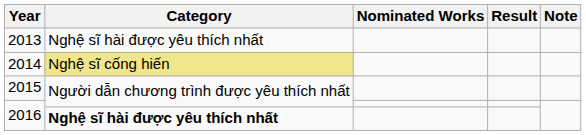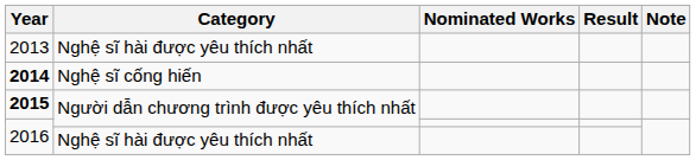 <table class="wikitable plainrowheaders">
 <tr>
 <th>Year</th>
 <th>Category</th>
 <th>Nominated Works</th>
 <th>Result</th>
 <th>Note</th>
 </tr>
 <tr>
 <td>2013</td>
 <td>Nghệ sĩ hài được yêu thích nhất</td>
 <td></td>
 <td></td>
 <td></td>
 </tr>
 <tr>
-<td>2014</td>
-<td style="background: khaki;">Nghệ sĩ cống hiến</td>
+<td><strong>2014</strong></td>
+<td>Nghệ sĩ cống hiến</td>
 <td></td>
 <td></td>
 <td></td>
 </tr>
 <tr>
-<td>2015</td>
+<td><strong>2015</strong></td>
 <td rowspan="2">Người dẫn chương trình được yêu thích nhất</td>
 <td></td>
 <td></td>
 <td></td>
 </tr>
 <tr>
 <td rowspan="2">2016</td>
 <td></td>
 <td></td>
 <td rowspan="2"></td>
 </tr>
 <tr>
-<td><strong>Nghệ sĩ hài được yêu thích nhất</strong></td>
+<td>Nghệ sĩ hài được yêu thích nhất</td>
 <td></td>
 <td></td>
 </tr>
 </table>
